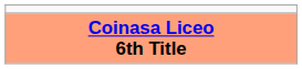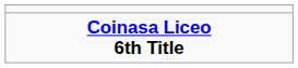 <table class="wikitable" style="text-align: center; margin: 0 auto; width: 20%">
 <tr European League >
 </tr>
 <tr>
 <td></td>
 </tr>
 <tr>
-<td style="background: lightsalmon;"><strong><a href='#'>Coinasa Liceo</a></strong><br><strong>6th Title</strong></td>
+<td><strong><a href='#'>Coinasa Liceo</a></strong><br><strong>6th Title</strong></td>
 </tr>
 </table>
